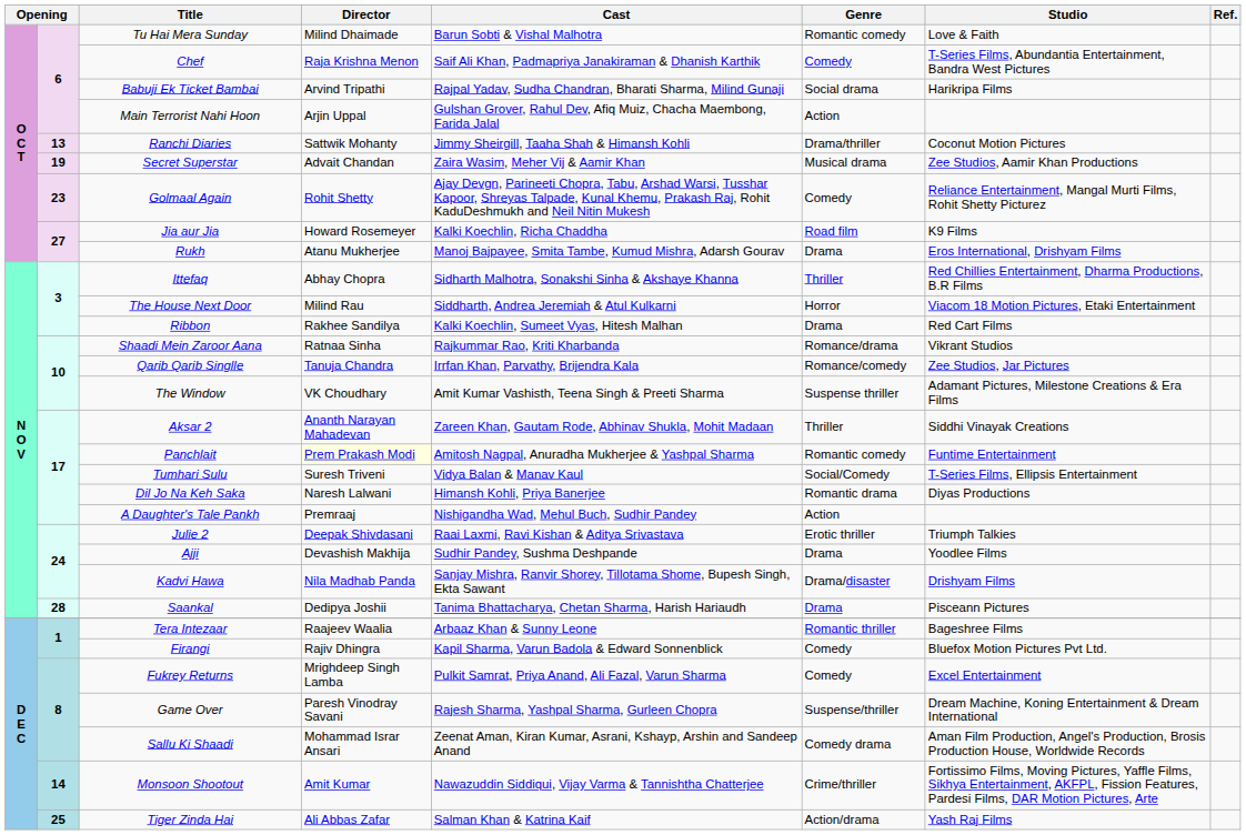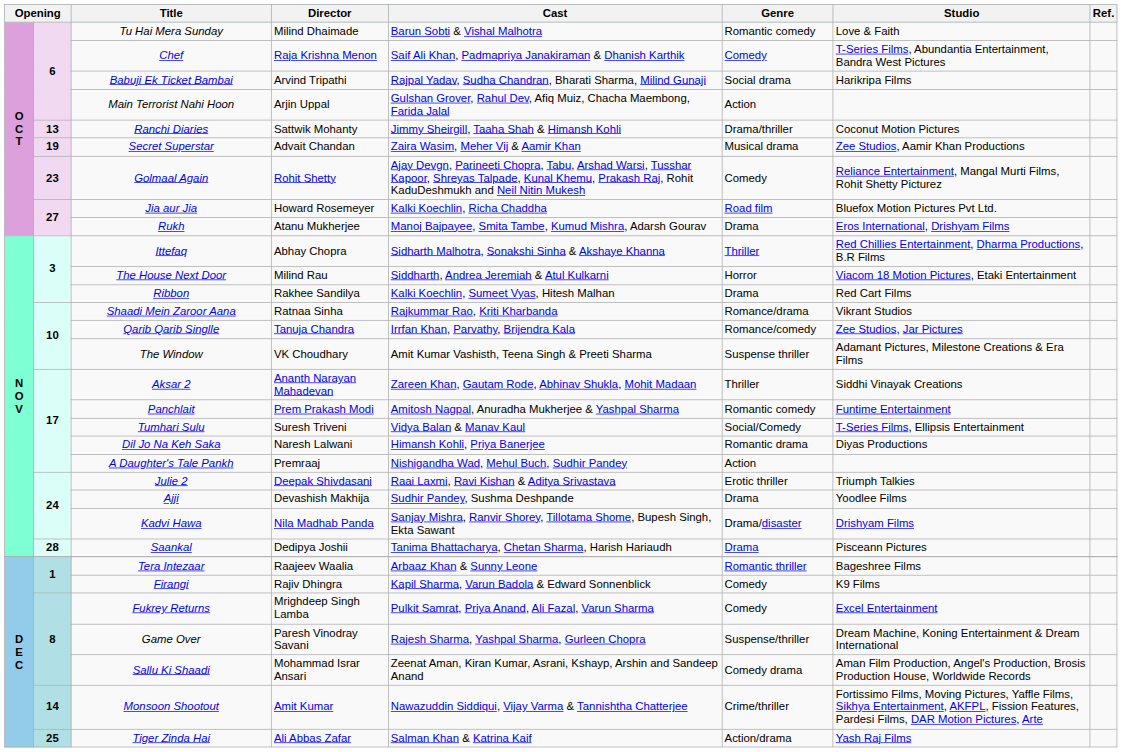 <table class="wikitable">
 <tr style="background:#b0e0e6; text-align:center;">
 <th colspan="2" style="width:6%;"><strong>Opening</strong></th>
 <th style="width:18%;"><strong>Title</strong></th>
 <th style="width:10.5%;"><strong>Director</strong></th>
 <th style="width:30%;"><strong>Cast</strong></th>
 <th style="width:10%;"><strong>Genre</strong></th>
 <th>Studio</th>
 <th>Ref.</th>
 </tr>
 <tr October!>
 <td rowspan="9" style="text-align:center; background:plum; textcolor:#000;"><strong>O<br>C<br>T</strong></td>
 <td rowspan="4" style="text-align:center;background:#f1daf1;"><strong>6</strong></td>
 <td style="text-align:center;"><em>Tu Hai Mera Sunday</em></td>
 <td>Milind Dhaimade</td>
 <td><a href='#'>Barun Sobti</a> & <a href='#'>Vishal Malhotra</a></td>
 <td>Romantic comedy</td>
 <td>Love & Faith</td>
 <td></td>
 </tr>
 <tr>
 <td style="text-align:center;"><em><a href='#'>Chef</a></em></td>
 <td><a href='#'>Raja Krishna Menon</a></td>
 <td><a href='#'>Saif Ali Khan</a>, <a href='#'>Padmapriya Janakiraman</a> & <a href='#'>Dhanish Karthik</a></td>
 <td><a href='#'>Comedy</a></td>
 <td><a href='#'>T-Series Films</a>, Abundantia Entertainment, Bandra West Pictures</td>
 <td></td>
 </tr>
 <tr>
 <td style="text-align:center;"><em><a href='#'>Babuji Ek Ticket Bambai</a></em></td>
 <td>Arvind Tripathi</td>
 <td><a href='#'>Rajpal Yadav</a>, <a href='#'>Sudha Chandran</a>, Bharati Sharma, <a href='#'>Milind Gunaji</a></td>
 <td>Social drama</td>
 <td>Harikripa Films</td>
 <td></td>
 </tr>
 <tr>
 <td style="text-align:center;"><em>Main Terrorist Nahi Hoon</em></td>
 <td>Arjin Uppal</td>
 <td><a href='#'>Gulshan Grover</a>, <a href='#'>Rahul Dev</a>, Afiq Muiz, Chacha Maembong, <a href='#'>Farida Jalal</a></td>
 <td>Action</td>
 <td></td>
 <td></td>
 </tr>
 <tr>
 <td style="text-align:center; background:#f1daf1;"><strong>13</strong></td>
 <td style="Text-align:center;"><em><a href='#'>Ranchi Diaries</a></em></td>
 <td>Sattwik Mohanty</td>
 <td><a href='#'>Jimmy Sheirgill</a>, <a href='#'>Taaha Shah</a> & <a href='#'>Himansh Kohli</a></td>
 <td>Drama/thriller</td>
 <td>Coconut Motion Pictures</td>
 <td></td>
 </tr>
 <tr>
 <td style="text-align:center; background:#f1daf1;"><strong>19</strong></td>
 <td style="text-align:center;"><em><a href='#'>Secret Superstar</a></em></td>
 <td>Advait Chandan</td>
 <td><a href='#'>Zaira Wasim</a>, <a href='#'>Meher Vij</a> & <a href='#'>Aamir Khan</a></td>
 <td>Musical drama</td>
 <td><a href='#'>Zee Studios</a>, Aamir Khan Productions</td>
 <td></td>
 </tr>
 <tr>
 <td style="text-align:center; background:#f1daf1;"><strong>23</strong></td>
 <td style="text-align:center;"><em><a href='#'>Golmaal Again</a></em></td>
 <td><a href='#'>Rohit Shetty</a></td>
 <td><a href='#'>Ajay Devgn</a>, <a href='#'>Parineeti Chopra</a>, <a href='#'>Tabu</a>, <a href='#'>Arshad Warsi</a>, <a href='#'>Tusshar Kapoor</a>, <a href='#'>Shreyas Talpade</a>, <a href='#'>Kunal Khemu</a>, <a href='#'>Prakash Raj</a>, Rohit KaduDeshmukh and <a href='#'>Neil Nitin Mukesh</a></td>
 <td>Comedy</td>
 <td><a href='#'>Reliance Entertainment</a>, Mangal Murti Films, Rohit Shetty Picturez</td>
 <td></td>
 </tr>
 <tr>
 <td rowspan="2" style="text-align:center;background:#f1daf1;"><strong>27</strong></td>
 <td style="text-align:center;"><em><a href='#'>Jia aur Jia</a></em></td>
 <td>Howard Rosemeyer</td>
 <td><a href='#'>Kalki Koechlin</a>, <a href='#'>Richa Chaddha</a></td>
 <td><a href='#'>Road film</a></td>
-<td>K9 Films</td>
+<td>Bluefox Motion Pictures Pvt Ltd.</td>
 <td></td>
 </tr>
 <tr>
 <td style="text-align:center;"><em><a href='#'>Rukh</a></em></td>
 <td>Atanu Mukherjee</td>
 <td><a href='#'>Manoj Bajpayee</a>, <a href='#'>Smita Tambe</a>, <a href='#'>Kumud Mishra</a>, Adarsh Gourav</td>
 <td>Drama</td>
 <td><a href='#'>Eros International</a>, <a href='#'>Drishyam Films</a></td>
 <td></td>
 </tr>
 <tr November!>
 <td rowspan="15" style="text-align:center; background:#7FFFD4; textcolor:#000;"><strong>N<br>O<br>V</strong></td>
 <td rowspan="3" style="text-align:center; background:#dbfff8; "><strong>3</strong></td>
 <td style="text-align:center;"><em><a href='#'>Ittefaq</a></em></td>
 <td>Abhay Chopra</td>
 <td><a href='#'>Sidharth Malhotra</a>, <a href='#'>Sonakshi Sinha</a> & <a href='#'>Akshaye Khanna</a></td>
 <td><a href='#'>Thriller</a></td>
 <td><a href='#'>Red Chillies Entertainment</a>, <a href='#'>Dharma Productions</a>, B.R Films</td>
 <td></td>
 </tr>
 <tr>
 <td style="text-align:center;"><em><a href='#'>The House Next Door</a></em></td>
 <td>Milind Rau</td>
 <td><a href='#'>Siddharth</a>, <a href='#'>Andrea Jeremiah</a> & <a href='#'>Atul Kulkarni</a></td>
 <td>Horror</td>
 <td><a href='#'>Viacom 18 Motion Pictures</a>, Etaki Entertainment</td>
 <td></td>
 </tr>
 <tr>
 <td style="text-align:center; "><em><a href='#'>Ribbon</a></em></td>
 <td>Rakhee Sandilya</td>
 <td><a href='#'>Kalki Koechlin</a>, <a href='#'>Sumeet Vyas</a>, Hitesh Malhan</td>
 <td>Drama</td>
 <td>Red Cart Films</td>
 <td></td>
 </tr>
 <tr>
 <td rowspan="3" style="text-align:center; background:#dbfff8; "><strong>10</strong></td>
 <td style="text-align:center;"><em><a href='#'>Shaadi Mein Zaroor Aana</a></em></td>
 <td>Ratnaa Sinha</td>
 <td><a href='#'>Rajkummar Rao</a>, <a href='#'>Kriti Kharbanda</a></td>
 <td>Romance/drama</td>
 <td>Vikrant Studios</td>
 <td></td>
 </tr>
 <tr>
 <td style="text-align:center;"><em><a href='#'>Qarib Qarib Singlle</a></em></td>
 <td><a href='#'>Tanuja Chandra</a></td>
 <td><a href='#'>Irrfan Khan</a>, <a href='#'>Parvathy</a>, <a href='#'>Brijendra Kala</a></td>
 <td>Romance/comedy</td>
 <td><a href='#'>Zee Studios</a>, <a href='#'>Jar Pictures</a></td>
 <td></td>
 </tr>
 <tr>
 <td style="text-align:center;"><em>The Window</em></td>
 <td>VK Choudhary</td>
 <td>Amit Kumar Vashisth, Teena Singh & Preeti Sharma</td>
 <td>Suspense thriller</td>
 <td>Adamant Pictures, Milestone Creations & Era Films</td>
 <td></td>
 </tr>
 <tr>
 <td rowspan="5" style="text-align:center; background:#dbfff8; "><strong>17</strong></td>
 <td style="text-align:center;"><em><a href='#'>Aksar 2</a></em></td>
 <td><a href='#'>Ananth Narayan Mahadevan</a></td>
 <td><a href='#'>Zareen Khan</a>, <a href='#'>Gautam Rode</a>, <a href='#'>Abhinav Shukla</a>, <a href='#'>Mohit Madaan</a></td>
 <td>Thriller</td>
 <td>Siddhi Vinayak Creations</td>
 <td></td>
 </tr>
 <tr>
 <td style="text-align:center;"><em><a href='#'>Panchlait</a></em></td>
-<td style="background: lightyellow;"><a href='#'>Prem Prakash Modi</a></td>
+<td><a href='#'>Prem Prakash Modi</a></td>
 <td><a href='#'>Amitosh Nagpal</a>, Anuradha Mukherjee & <a href='#'>Yashpal Sharma</a></td>
 <td>Romantic comedy</td>
 <td><a href='#'>Funtime Entertainment</a></td>
 <td></td>
 </tr>
 <tr>
 <td style="text-align:center;"><em><a href='#'>Tumhari Sulu</a></em></td>
 <td>Suresh Triveni</td>
 <td><a href='#'>Vidya Balan</a> & <a href='#'>Manav Kaul</a></td>
 <td>Social/Comedy</td>
 <td><a href='#'>T-Series Films</a>, Ellipsis Entertainment</td>
 <td></td>
 </tr>
 <tr>
 <td style="text-align:center;"><em><a href='#'>Dil Jo Na Keh Saka</a></em></td>
 <td>Naresh Lalwani</td>
 <td><a href='#'>Himansh Kohli</a>, <a href='#'>Priya Banerjee</a></td>
 <td>Romantic drama</td>
 <td>Diyas Productions</td>
 <td></td>
 </tr>
 <tr>
 <td style="text-align:center;"><em><a href='#'>A Daughter's Tale Pankh</a></em></td>
 <td>Premraaj</td>
 <td><a href='#'>Nishigandha Wad</a>, <a href='#'>Mehul Buch</a>, <a href='#'>Sudhir Pandey</a></td>
 <td>Action</td>
 <td></td>
 <td></td>
 </tr>
 <tr>
 <td rowspan="3" style="text-align:center; background:#dbfff8; "><strong>24</strong></td>
 <td style="text-align:center;"><em><a href='#'>Julie 2</a></em></td>
 <td><a href='#'>Deepak Shivdasani</a></td>
 <td><a href='#'>Raai Laxmi</a>, <a href='#'>Ravi Kishan</a> & <a href='#'>Aditya Srivastava</a></td>
 <td>Erotic thriller</td>
 <td>Triumph Talkies</td>
 <td></td>
 </tr>
 <tr>
 <td style="text-align:center;"><em><a href='#'>Ajji</a></em></td>
 <td>Devashish Makhija</td>
 <td><a href='#'>Sudhir Pandey</a>, Sushma Deshpande</td>
 <td>Drama</td>
 <td>Yoodlee Films</td>
 <td></td>
 </tr>
 <tr>
 <td style="text-align:center;"><em><a href='#'>Kadvi Hawa</a></em></td>
 <td><a href='#'>Nila Madhab Panda</a></td>
 <td><a href='#'>Sanjay Mishra</a>, <a href='#'>Ranvir Shorey</a>, <a href='#'>Tillotama Shome</a>, Bupesh Singh, Ekta Sawant</td>
 <td>Drama/<a href='#'>disaster</a></td>
 <td><a href='#'>Drishyam Films</a></td>
 <td></td>
 </tr>
 <tr>
 <td rowspan="1" style="text-align:center; background:#dbfff8; "><strong>28</strong></td>
 <td style="text-align:center; "><em><a href='#'>Saankal</a></em></td>
 <td>Dedipya Joshii</td>
 <td><a href='#'>Tanima Bhattacharya</a>, <a href='#'>Chetan Sharma</a>, Harish Hariaudh</td>
 <td><a href='#'>Drama</a></td>
 <td>Pisceann Pictures</td>
 <td></td>
 </tr>
 <tr>
 </tr>
 <tr December!>
 <td rowspan="7" style="text-align:center; background:#93CCEA; textcolor:#000;"><strong>D<br>E<br>C</strong></td>
 <td rowspan="2" style="text-align:center;background:#B0E0E6; "><strong>1</strong></td>
 <td style="text-align:center; "><em><a href='#'>Tera Intezaar</a></em></td>
 <td>Raajeev Waalia</td>
 <td><a href='#'>Arbaaz Khan</a> & <a href='#'>Sunny Leone</a></td>
 <td><a href='#'>Romantic thriller</a></td>
 <td>Bageshree Films</td>
 <td></td>
 </tr>
 <tr>
 <td style="Text-align:center;"><em><a href='#'>Firangi</a></em></td>
 <td>Rajiv Dhingra</td>
 <td><a href='#'>Kapil Sharma</a>, <a href='#'>Varun Badola</a> & Edward Sonnenblick</td>
 <td>Comedy</td>
-<td>Bluefox Motion Pictures Pvt Ltd.</td>
+<td>K9 Films</td>
 <td></td>
 </tr>
 <tr>
 <td rowspan="3" style="text-align:center;background:#B0E0E6; "><strong>8</strong></td>
 <td style="text-align:center;"><em><a href='#'>Fukrey Returns</a></em></td>
 <td>Mrighdeep Singh Lamba</td>
 <td><a href='#'>Pulkit Samrat</a>, <a href='#'>Priya Anand</a>, <a href='#'>Ali Fazal</a>, <a href='#'>Varun Sharma</a></td>
 <td>Comedy</td>
 <td><a href='#'>Excel Entertainment</a></td>
 <td></td>
 </tr>
 <tr>
 <td style="Text-align:center;"><em>Game Over</em></td>
 <td>Paresh Vinodray Savani</td>
 <td><a href='#'>Rajesh Sharma</a>, <a href='#'>Yashpal Sharma</a>, <a href='#'>Gurleen Chopra</a></td>
 <td>Suspense/thriller</td>
 <td>Dream Machine, Koning Entertainment & Dream International</td>
 <td></td>
 </tr>
 <tr>
 <td style="text-align:center;"><em><a href='#'>Sallu Ki Shaadi</a></em></td>
 <td>Mohammad Israr Ansari</td>
 <td>Zeenat Aman, Kiran Kumar, Asrani, Kshayp, Arshin and Sandeep Anand</td>
 <td>Comedy drama</td>
 <td>Aman Film Production, Angel's Production, Brosis Production House, Worldwide Records</td>
 <td></td>
 </tr>
 <tr>
 <td rowspan="1" style="text-align:center; background:#b0e0e6;"><strong>14</strong></td>
 <td style="text-align:center;"><em><a href='#'>Monsoon Shootout</a></em></td>
 <td><a href='#'>Amit Kumar</a></td>
 <td><a href='#'>Nawazuddin Siddiqui</a>, <a href='#'>Vijay Varma</a> & <a href='#'>Tannishtha Chatterjee</a></td>
 <td>Crime/thriller</td>
 <td>Fortissimo Films, Moving Pictures, Yaffle Films, <a href='#'>Sikhya Entertainment</a>, <a href='#'>AKFPL</a>, Fission Features, Pardesi Films, <a href='#'>DAR Motion Pictures</a>, <a href='#'>Arte</a></td>
 <td></td>
 </tr>
 <tr>
 <td rowspan="1" style="text-align:center;background:#B0E0E6;"><strong>25</strong></td>
 <td style="text-align:center;"><em><a href='#'>Tiger Zinda Hai</a></em></td>
 <td><a href='#'>Ali Abbas Zafar</a></td>
 <td><a href='#'>Salman Khan</a> & <a href='#'>Katrina Kaif</a></td>
 <td>Action/drama</td>
 <td><a href='#'>Yash Raj Films</a></td>
 <td></td>
 </tr>
 </table>
